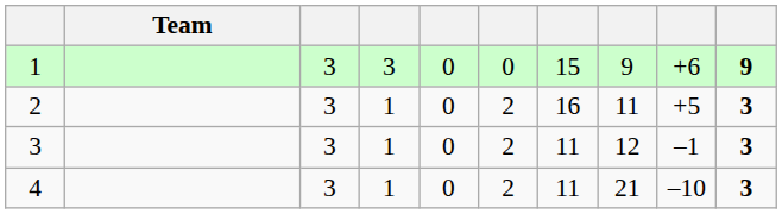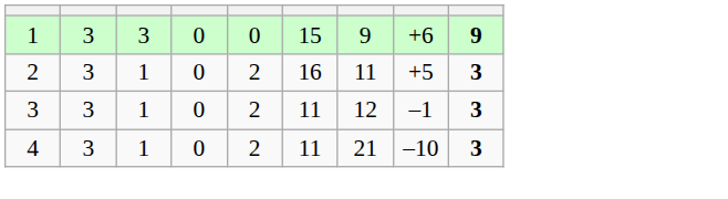 <table class="wikitable" style="text-align: center; font-size: 100%;">
 <tr>
 <th width="30"></th>
-<th width="140">Team</th>
 <th width="30"></th>
 <th width="30"></th>
 <th width="30"></th>
 <th width="30"></th>
 <th width="30"></th>
 <th width="30"></th>
 <th width="30"></th>
 <th width="30"></th>
 </tr>
 <tr style="background-color: #ccffcc;">
 <td>1</td>
-<td align=left><strong></strong></td>
 <td>3</td>
 <td>3</td>
 <td>0</td>
 <td>0</td>
 <td>15</td>
 <td>9</td>
 <td>+6</td>
 <td><strong>9</strong></td>
 </tr>
 <tr>
 <td>2</td>
-<td align=left></td>
 <td>3</td>
 <td>1</td>
 <td>0</td>
 <td>2</td>
 <td>16</td>
 <td>11</td>
 <td>+5</td>
 <td><strong>3</strong></td>
 </tr>
 <tr>
 <td>3</td>
-<td align=left></td>
 <td>3</td>
 <td>1</td>
 <td>0</td>
 <td>2</td>
 <td>11</td>
 <td>12</td>
 <td>–1</td>
 <td><strong>3</strong></td>
 </tr>
 <tr>
 <td>4</td>
-<td align=left></td>
 <td>3</td>
 <td>1</td>
 <td>0</td>
 <td>2</td>
 <td>11</td>
 <td>21</td>
 <td>–10</td>
 <td><strong>3</strong></td>
 </tr>
 </table>
